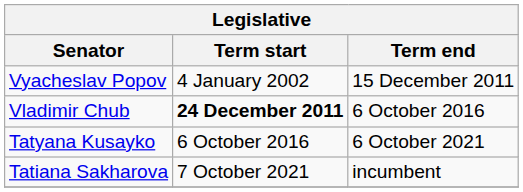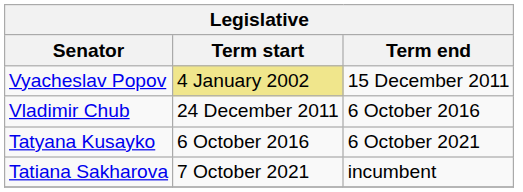 <table class="wikitable sortable">
 <tr>
 <th colspan=3>Legislative</th>
 </tr>
 <tr>
 <th>Senator</th>
 <th>Term start</th>
 <th>Term end</th>
 </tr>
 <tr>
 <td><a href='#'>Vyacheslav Popov</a></td>
-<td>4 January 2002</td>
+<td style="background: khaki;">4 January 2002</td>
 <td>15 December 2011</td>
 </tr>
 <tr>
 <td><a href='#'>Vladimir Chub</a></td>
-<td><strong>24 December 2011</strong></td>
+<td>24 December 2011</td>
 <td>6 October 2016</td>
 </tr>
 <tr>
 <td><a href='#'>Tatyana Kusayko</a></td>
 <td>6 October 2016</td>
 <td>6 October 2021</td>
 </tr>
 <tr>
 <td><a href='#'>Tatiana Sakharova</a></td>
 <td>7 October 2021</td>
 <td>incumbent</td>
 </tr>
 <tr>
 </tr>
 </table>
